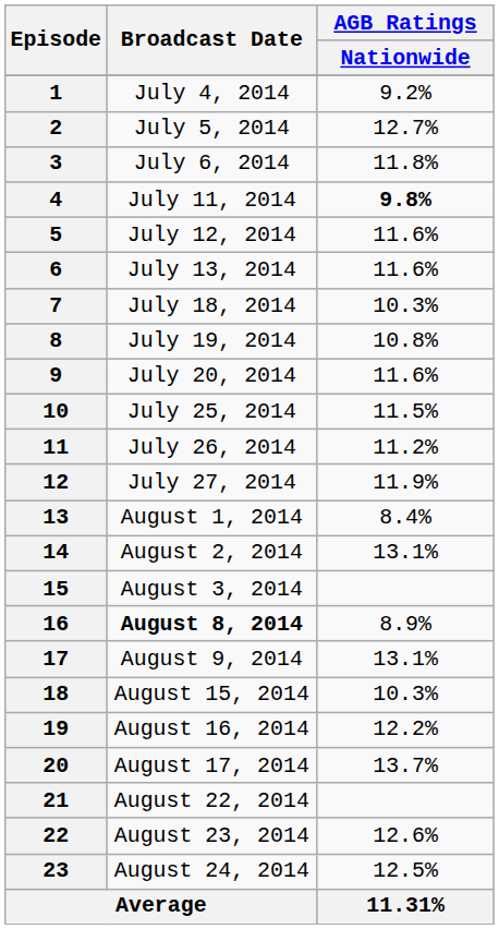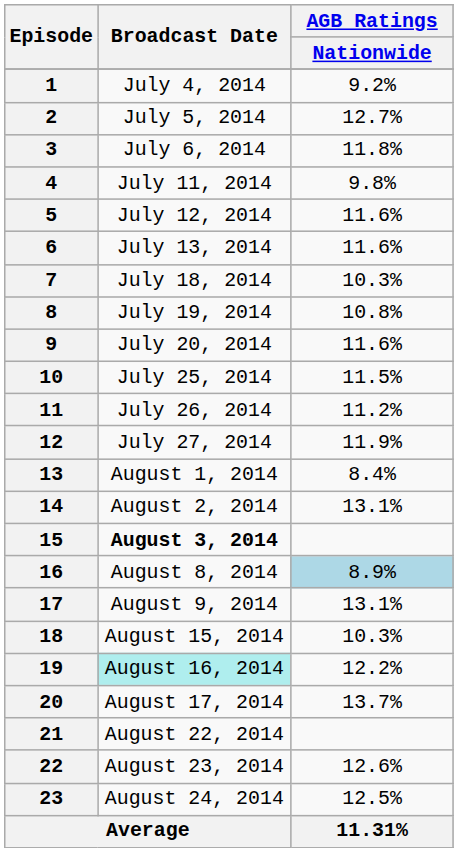 <table class=wikitable style="text-align:center; font-size:100%;" ;>
 <tr>
 <th rowspan="2" width=40>Episode</th>
 <th rowspan="2" width=120>Broadcast Date</th>
 <th colspan="1"><a href='#'>AGB Ratings</a></th>
 </tr>
 <tr>
 <th width=100><a href='#'>Nationwide</a></th>
 </tr>
 <tr>
 </tr>
 <tr>
 <th>1</th>
 <td>July 4, 2014</td>
 <td>9.2%</td>
 </tr>
 <tr>
 <th>2</th>
 <td>July 5, 2014</td>
 <td>12.7%</td>
 </tr>
 <tr>
 <th>3</th>
 <td>July 6, 2014</td>
 <td>11.8%</td>
 </tr>
 <tr>
 <th>4</th>
 <td>July 11, 2014</td>
-<td><strong>9.8%</strong></td>
+<td>9.8%</td>
 </tr>
 <tr>
 <th>5</th>
 <td>July 12, 2014</td>
 <td>11.6%</td>
 </tr>
 <tr>
 <th>6</th>
 <td>July 13, 2014</td>
 <td>11.6%</td>
 </tr>
 <tr>
 <th>7</th>
 <td>July 18, 2014</td>
 <td>10.3%</td>
 </tr>
 <tr>
 <th>8</th>
 <td>July 19, 2014</td>
 <td>10.8%</td>
 </tr>
 <tr>
 <th>9</th>
 <td>July 20, 2014</td>
 <td>11.6%</td>
 </tr>
 <tr>
 <th>10</th>
 <td>July 25, 2014</td>
 <td>11.5%</td>
 </tr>
 <tr>
 <th>11</th>
 <td>July 26, 2014</td>
 <td>11.2%</td>
 </tr>
 <tr>
 <th>12</th>
 <td>July 27, 2014</td>
 <td>11.9%</td>
 </tr>
 <tr>
 <th>13</th>
 <td>August 1, 2014</td>
 <td>8.4%</td>
 </tr>
 <tr>
 <th>14</th>
 <td>August 2, 2014</td>
 <td>13.1%</td>
 </tr>
 <tr>
 <th>15</th>
-<td>August 3, 2014</td>
+<td><strong>August 3, 2014</strong></td>
 <td></td>
 </tr>
 <tr>
 <th>16</th>
-<td><strong>August 8, 2014</strong></td>
-<td>8.9%</td>
+<td>August 8, 2014</td>
+<td style="background: lightblue;">8.9%</td>
 </tr>
 <tr>
 <th>17</th>
 <td>August 9, 2014</td>
 <td>13.1%</td>
 </tr>
 <tr>
 <th>18</th>
 <td>August 15, 2014</td>
 <td>10.3%</td>
 </tr>
 <tr>
 <th>19</th>
-<td>August 16, 2014</td>
+<td style="background: paleturquoise;">August 16, 2014</td>
 <td>12.2%</td>
 </tr>
 <tr>
 <th>20</th>
 <td>August 17, 2014</td>
 <td>13.7%</td>
 </tr>
 <tr>
 <th>21</th>
 <td>August 22, 2014</td>
 <td></td>
 </tr>
 <tr>
 <th>22</th>
 <td>August 23, 2014</td>
 <td>12.6%</td>
 </tr>
 <tr>
 <th>23</th>
 <td>August 24, 2014</td>
 <td>12.5%</td>
 </tr>
 <tr>
 <th colspan=2>Average</th>
 <th>11.31%</th>
 </tr>
 </table>
